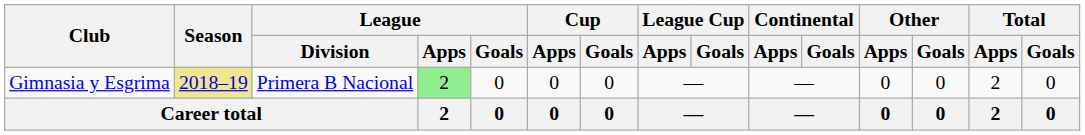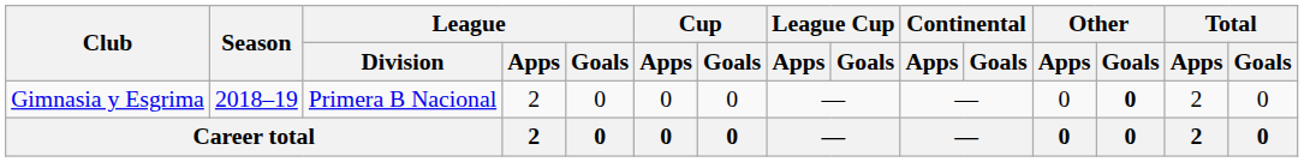 <table class="wikitable" style="text-align:center">
 <tr>
 <th rowspan="2">Club</th>
 <th rowspan="2">Season</th>
 <th colspan="3">League</th>
 <th colspan="2">Cup</th>
 <th colspan="2">League Cup</th>
 <th colspan="2">Continental</th>
 <th colspan="2">Other</th>
 <th colspan="2">Total</th>
 </tr>
 <tr>
 <th>Division</th>
 <th>Apps</th>
 <th>Goals</th>
 <th>Apps</th>
 <th>Goals</th>
 <th>Apps</th>
 <th>Goals</th>
 <th>Apps</th>
 <th>Goals</th>
 <th>Apps</th>
 <th>Goals</th>
 <th>Apps</th>
 <th>Goals</th>
 </tr>
 <tr>
 <td rowspan="1"><a href='#'>Gimnasia y Esgrima</a></td>
-<td style="background: khaki;"><a href='#'>2018–19</a></td>
+<td><a href='#'>2018–19</a></td>
 <td rowspan="1"><a href='#'>Primera B Nacional</a></td>
-<td style="background: lightgreen;">2</td>
+<td>2</td>
 <td>0</td>
 <td>0</td>
 <td>0</td>
 <td colspan="2">—</td>
 <td colspan="2">—</td>
 <td>0</td>
-<td>0</td>
+<td><strong>0</strong></td>
 <td>2</td>
 <td>0</td>
 </tr>
 <tr>
 <th colspan="3">Career total</th>
 <th>2</th>
 <th>0</th>
 <th>0</th>
 <th>0</th>
 <th colspan="2">—</th>
 <th colspan="2">—</th>
 <th>0</th>
 <th>0</th>
 <th>2</th>
 <th>0</th>
 </tr>
 </table>
